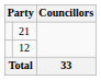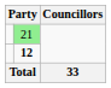 <table class="wikitable">
 <tr>
 <th colspan=2>Party</th>
 <th>Councillors</th>
 </tr>
 <tr>
 <td></td>
-<td align=center>21</td>
+<td align=center style="background: lightgreen;">21</td>
 </tr>
 <tr>
 <td></td>
-<td align=center>12</td>
+<td align=center><strong>12</strong></td>
 </tr>
 <tr>
 <th colspan=2>Total</th>
 <th align=center>33</th>
 </tr>
 </table>
